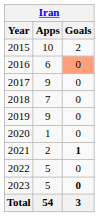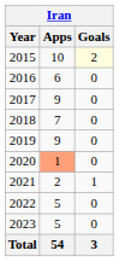 <table class="wikitable" style="text-align:center">
 <tr>
 <th colspan=3><a href='#'>Iran</a></th>
 </tr>
 <tr>
 <th>Year</th>
 <th>Apps</th>
 <th>Goals</th>
 </tr>
 <tr>
 <td>2015</td>
 <td>10</td>
-<td>2</td>
+<td style="background: lightyellow;">2</td>
 </tr>
 <tr>
 <td>2016</td>
 <td>6</td>
-<td style="background: lightsalmon;">0</td>
+<td>0</td>
 </tr>
 <tr>
 <td>2017</td>
 <td>9</td>
 <td>0</td>
 </tr>
 <tr>
 <td>2018</td>
 <td>7</td>
 <td>0</td>
 </tr>
 <tr>
 <td>2019</td>
 <td>9</td>
 <td>0</td>
 </tr>
 <tr>
 <td>2020</td>
-<td>1</td>
+<td style="background: lightsalmon;">1</td>
 <td>0</td>
 </tr>
 <tr>
 <td>2021</td>
 <td>2</td>
-<td><strong>1</strong></td>
+<td>1</td>
 </tr>
 <tr>
 <td>2022</td>
 <td>5</td>
 <td>0</td>
 </tr>
 <tr>
 <td>2023</td>
 <td>5</td>
-<td><strong>0</strong></td>
+<td>0</td>
 </tr>
 <tr>
 <th>Total</th>
 <th>54</th>
 <th>3</th>
 </tr>
 </table>
